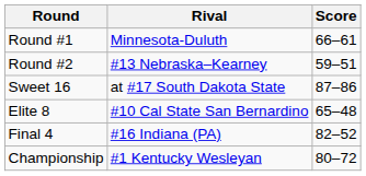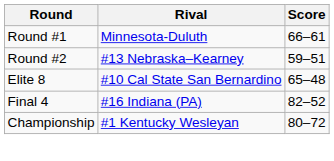 <table class= "wikitable sortable">
 <tr>
 <th width=px>Round</th>
 <th width=px>Rival</th>
 <th width=px>Score</th>
 </tr>
 <tr>
 <td>Round #1</td>
 <td><a href='#'>Minnesota-Duluth</a></td>
 <td>66–61</td>
 </tr>
 <tr>
 <td>Round #2</td>
 <td><a href='#'>#13 Nebraska–Kearney</a></td>
 <td>59–51</td>
 </tr>
 <tr>
-<td>Sweet 16</td>
-<td>at <a href='#'>#17 South Dakota State</a></td>
-<td>87–86</td>
-</tr>
-<tr>
 <td>Elite 8</td>
 <td><a href='#'>#10 Cal State San Bernardino</a></td>
 <td>65–48</td>
 </tr>
 <tr>
 <td>Final 4</td>
 <td><a href='#'>#16 Indiana (PA)</a></td>
 <td>82–52</td>
 </tr>
 <tr>
 <td>Championship</td>
 <td><a href='#'>#1 Kentucky Wesleyan</a></td>
 <td>80–72</td>
 </tr>
 </table>
